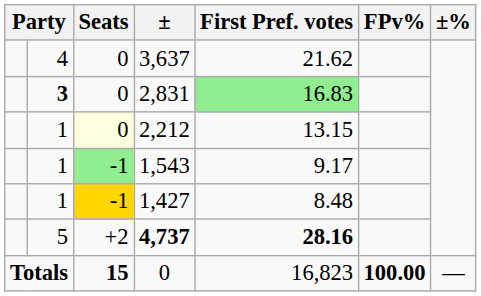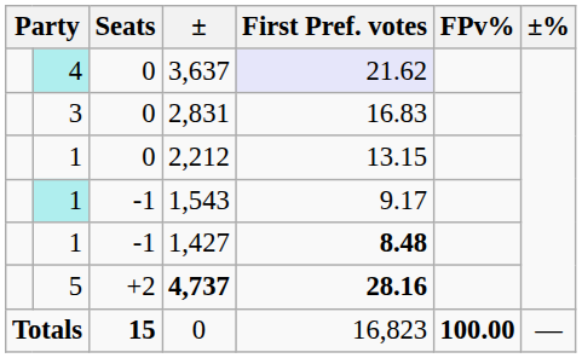 <table class=wikitable>
 <tr>
 <th colspan=2 align=center>Party</th>
 <th valign=top>Seats</th>
 <th valign=top>±</th>
 <th valign=top>First Pref. votes</th>
 <th valign=top>FPv%</th>
 <th valign=top>±%</th>
 </tr>
 <tr>
 <td></td>
-<td align=right>4</td>
+<td align=right style="background: paleturquoise;">4</td>
 <td align=right>0</td>
 <td align=right>3,637</td>
-<td align=right>21.62</td>
+<td align=right style="background: lavender;">21.62</td>
 <td align=right></td>
 </tr>
 <tr>
 <td></td>
-<td align=right><strong>3</strong></td>
+<td align=right>3</td>
 <td align=right>0</td>
 <td align=right>2,831</td>
-<td align=right style="background: lightgreen;">16.83</td>
+<td align=right>16.83</td>
 <td align=right></td>
 </tr>
 <tr>
 <td></td>
 <td align=right>1</td>
-<td align=right style="background: lightyellow;">0</td>
+<td align=right>0</td>
 <td align=right>2,212</td>
 <td align=right>13.15</td>
 <td align=right></td>
 </tr>
 <tr>
 <td></td>
-<td align=right>1</td>
-<td align=right style="background: lightgreen;">-1</td>
+<td align=right style="background: paleturquoise;">1</td>
+<td align=right>-1</td>
 <td align=right>1,543</td>
 <td align=right>9.17</td>
 <td align=right></td>
 </tr>
 <tr>
 <td></td>
 <td align=right>1</td>
-<td align=right style="background: gold;">-1</td>
+<td align=right>-1</td>
 <td align=right>1,427</td>
-<td align=right>8.48</td>
+<td align=right><strong>8.48</strong></td>
 <td align=right></td>
 </tr>
 <tr>
 <td></td>
 <td align=right>5</td>
 <td align=right>+2</td>
 <td align=right><strong>4,737</strong></td>
 <td align=right><strong>28.16</strong></td>
 <td align=right></td>
 </tr>
 <tr>
 <td colspan=2 align=center><strong>Totals</strong></td>
 <td align=right><strong>15</strong></td>
 <td align=center>0</td>
 <td align=right>16,823</td>
 <td align=center><strong>100.00</strong></td>
 <td align=center>—</td>
 </tr>
 </table>
